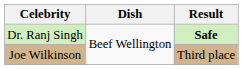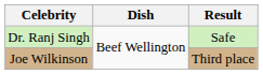 <table class="wikitable" style="text-align:center;">
 <tr>
 <th>Celebrity</th>
 <th>Dish</th>
 <th>Result</th>
 </tr>
 <tr>
 <td style="background:#d0f0c0;">Dr. Ranj Singh</td>
 <td rowspan="2">Beef Wellington</td>
-<td style="background:#d0f0c0;"><strong>Safe</strong></td>
+<td style="background:#d0f0c0;">Safe</td>
 </tr>
 <tr>
 <td style="background:tan;">Joe Wilkinson</td>
 <td style="background:tan;">Third place</td>
 </tr>
 </table>
